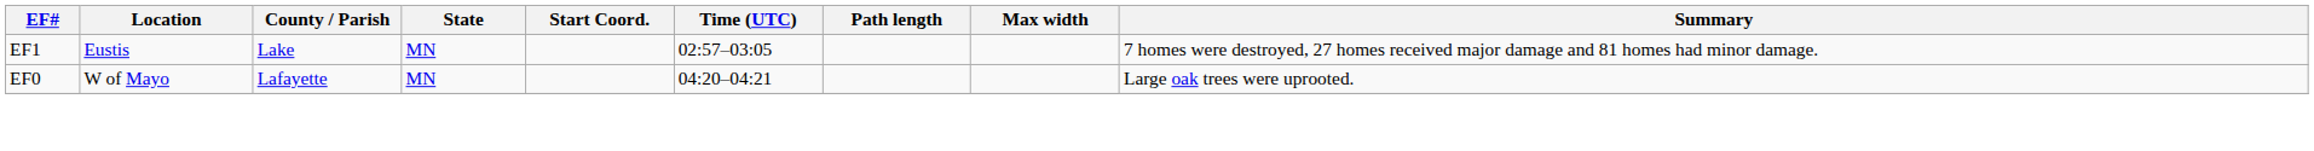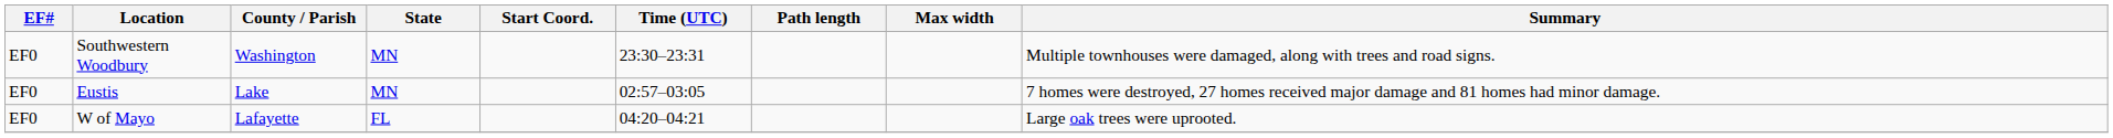 <table class="wikitable sortable" style="width:100%;">
 <tr>
 <th scope="col"  style="width:3%; text-align:center;"><a href='#'>EF#</a></th>
 <th scope="col"  style="width:7%; text-align:center;" class="unsortable">Location</th>
 <th scope="col"  style="width:6%; text-align:center;" class="unsortable">County / Parish</th>
 <th scope="col"  style="width:5%; text-align:center;">State</th>
 <th scope="col"  style="width:6%; text-align:center;">Start Coord.</th>
 <th scope="col"  style="width:6%; text-align:center;">Time (<a href='#'>UTC</a>)</th>
 <th scope="col"  style="width:6%; text-align:center;">Path length</th>
 <th scope="col"  style="width:6%; text-align:center;">Max width</th>
 <th scope="col" class="unsortable" style="width:48%; text-align:center;">Summary</th>
 </tr>
 <tr>
-<td>EF1</td>
+<td>EF0</td>
+<td>Southwestern <a href='#'>Woodbury</a></td>
+<td><a href='#'>Washington</a></td>
+<td><a href='#'>MN</a></td>
+<td></td>
+<td>23:30–23:31</td>
+<td></td>
+<td></td>
+<td>Multiple townhouses were damaged, along with trees and road signs.</td>
+</tr>
+<tr>
+<td>EF0</td>
 <td><a href='#'>Eustis</a></td>
 <td><a href='#'>Lake</a></td>
 <td><a href='#'>MN</a></td>
 <td></td>
 <td>02:57–03:05</td>
 <td></td>
 <td></td>
 <td>7 homes were destroyed, 27 homes received major damage and 81 homes had minor damage.</td>
 </tr>
 <tr>
 <td>EF0</td>
 <td>W of <a href='#'>Mayo</a></td>
 <td><a href='#'>Lafayette</a></td>
-<td><a href='#'>MN</a></td>
+<td><a href='#'>FL</a></td>
 <td></td>
 <td>04:20–04:21</td>
 <td></td>
 <td></td>
 <td>Large <a href='#'>oak</a> trees were uprooted.</td>
 </tr>
 <tr>
 </tr>
 </table>
